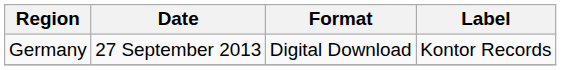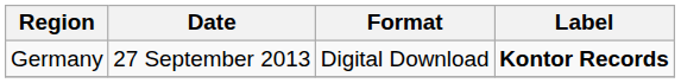 <table class=wikitable>
 <tr>
 <th>Region</th>
 <th>Date</th>
 <th>Format</th>
 <th>Label</th>
 </tr>
 <tr>
 <td>Germany</td>
 <td>27 September 2013</td>
 <td>Digital Download</td>
-<td>Kontor Records</td>
+<td><strong>Kontor Records</strong></td>
 </tr>
 <tr>
 </tr>
 </table>
